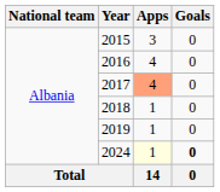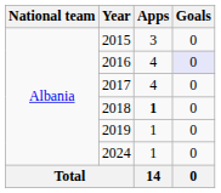 <table class="wikitable" style="text-align:center">
 <tr>
 <th>National team</th>
 <th>Year</th>
 <th>Apps</th>
 <th>Goals</th>
 </tr>
 <tr>
 <td rowspan="6"><a href='#'>Albania</a></td>
 <td>2015</td>
 <td>3</td>
 <td>0</td>
 </tr>
 <tr>
 <td>2016</td>
 <td>4</td>
-<td>0</td>
+<td style="background: lavender;">0</td>
 </tr>
 <tr>
 <td>2017</td>
-<td style="background: lightsalmon;">4</td>
+<td>4</td>
 <td>0</td>
 </tr>
 <tr>
 <td>2018</td>
-<td>1</td>
+<td><strong>1</strong></td>
 <td>0</td>
 </tr>
 <tr>
 <td>2019</td>
 <td>1</td>
 <td>0</td>
 </tr>
 <tr>
 <td>2024</td>
-<td style="background: lightyellow;">1</td>
-<td><strong>0</strong></td>
+<td>1</td>
+<td>0</td>
 </tr>
 <tr>
 <th colspan="2">Total</th>
 <th>14</th>
 <th>0</th>
 </tr>
 </table>
